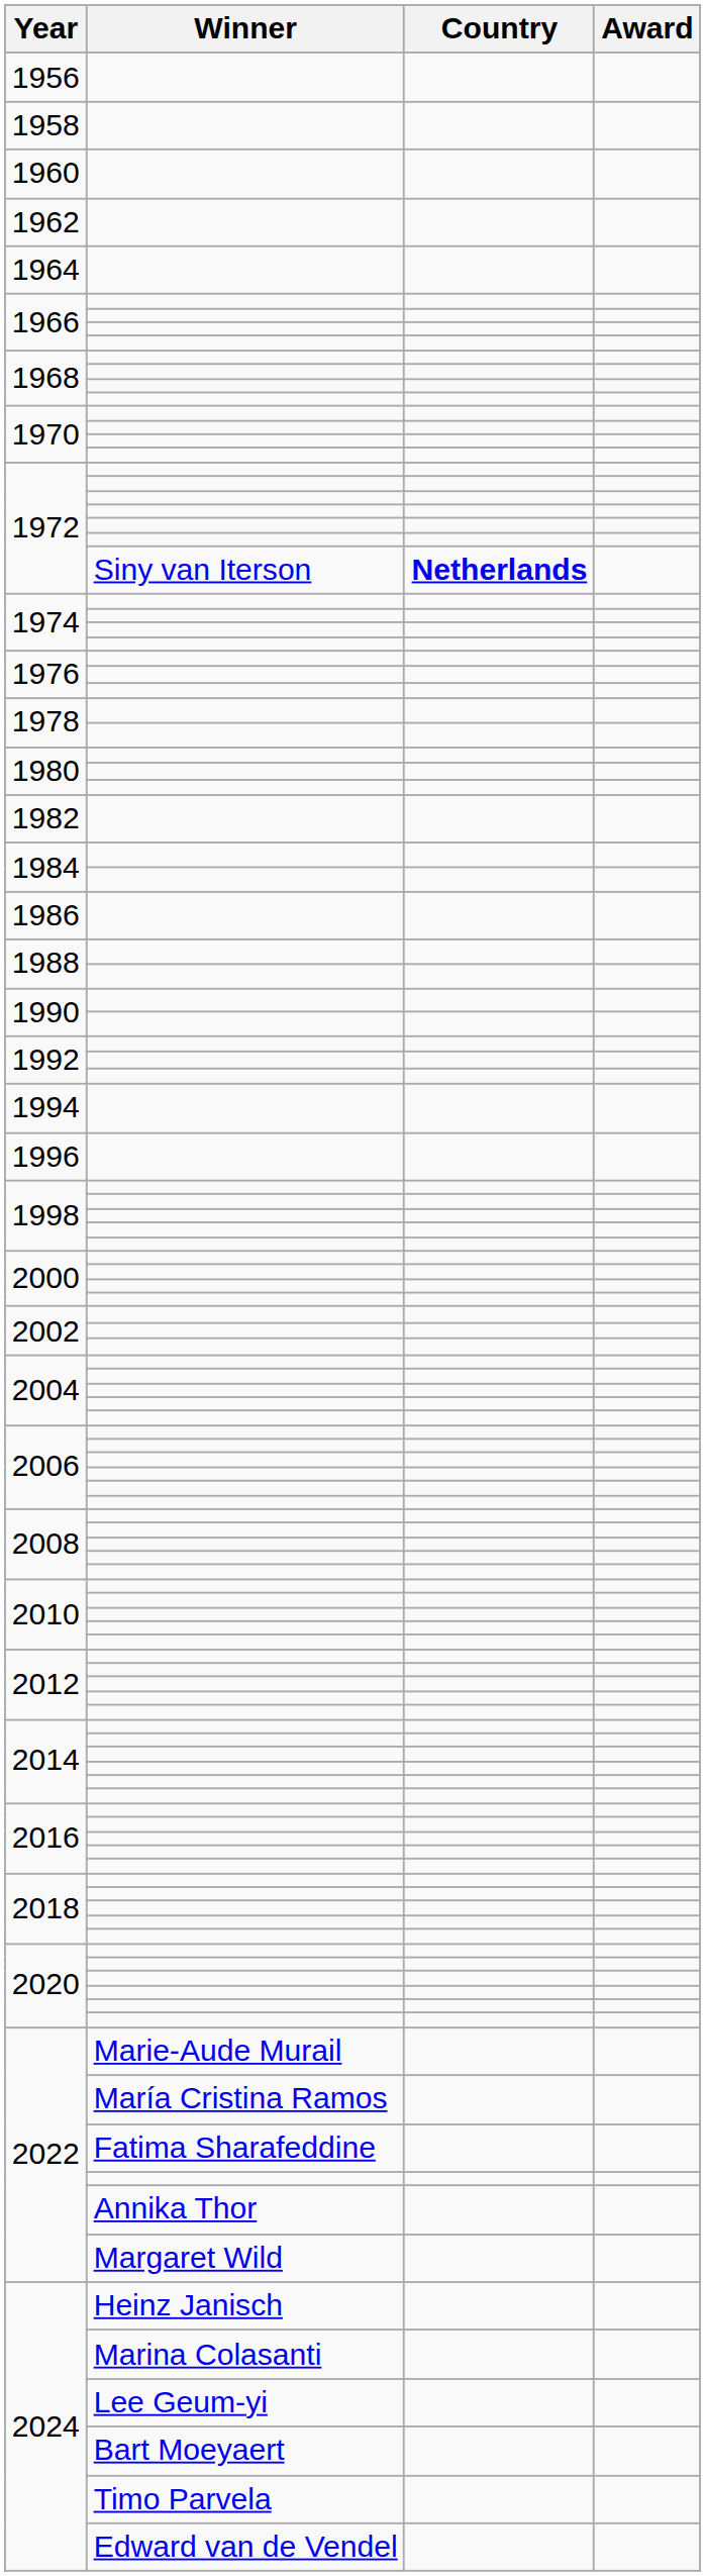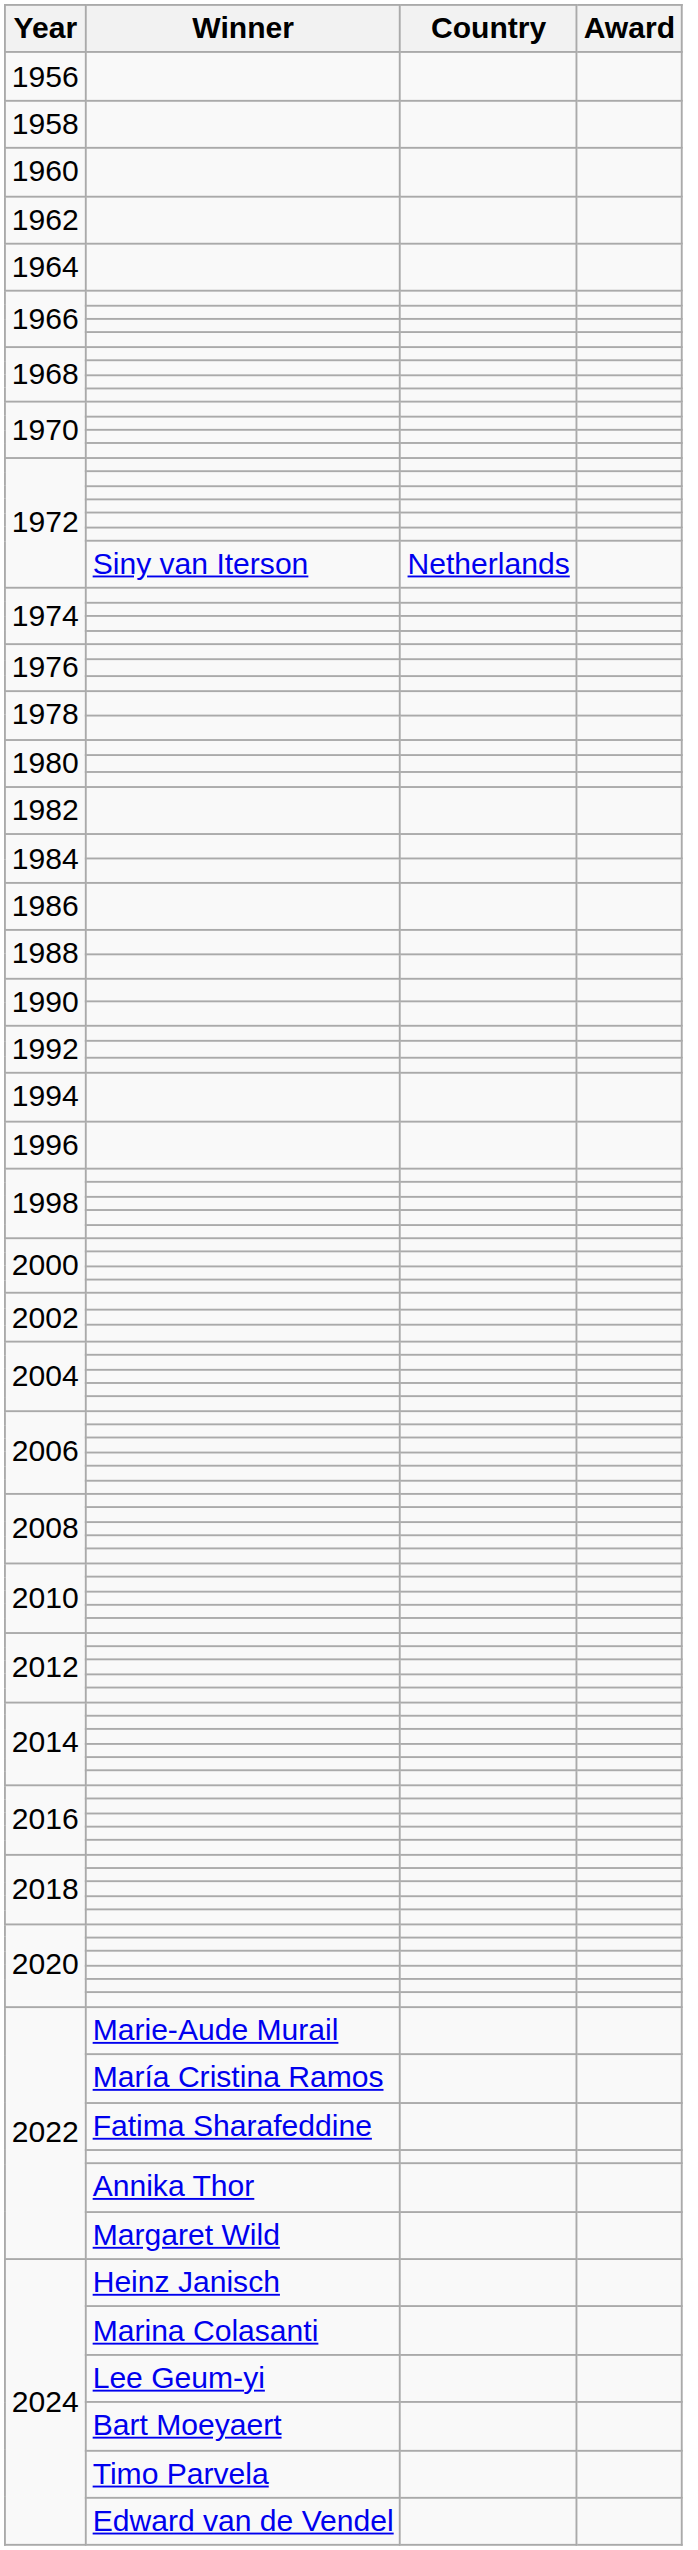 <table class="wikitable sortable">
 <tr>
 <th scope="col">Year</th>
 <th scope="col">Winner</th>
 <th scope="col">Country</th>
 <th scope="col">Award</th>
 </tr>
 <tr>
 <td scope="row">1956</td>
 <td></td>
 <td></td>
 <td></td>
 </tr>
 <tr>
 <td scope="row">1958</td>
 <td></td>
 <td></td>
 <td></td>
 </tr>
 <tr>
 <td scope="row">1960</td>
 <td></td>
 <td></td>
 <td></td>
 </tr>
 <tr>
 <td scope="row">1962</td>
 <td></td>
 <td></td>
 <td></td>
 </tr>
 <tr>
 <td scope="row">1964</td>
 <td></td>
 <td></td>
 <td></td>
 </tr>
 <tr>
 <td rowspan="4" scope="row">1966</td>
 <td></td>
 <td></td>
 <td></td>
 </tr>
 <tr>
 <td></td>
 <td></td>
 <td></td>
 </tr>
 <tr>
 <td></td>
 <td></td>
 <td></td>
 </tr>
 <tr>
 <td></td>
 <td></td>
 <td></td>
 </tr>
 <tr>
 <td rowspan="4" scope="row">1968</td>
 <td></td>
 <td></td>
 <td></td>
 </tr>
 <tr>
 <td></td>
 <td></td>
 <td></td>
 </tr>
 <tr>
 <td></td>
 <td></td>
 <td></td>
 </tr>
 <tr>
 <td></td>
 <td></td>
 <td></td>
 </tr>
 <tr>
 <td rowspan="4" scope="row">1970</td>
 <td></td>
 <td></td>
 <td></td>
 </tr>
 <tr>
 <td></td>
 <td></td>
 <td></td>
 </tr>
 <tr>
 <td></td>
 <td></td>
 <td></td>
 </tr>
 <tr>
 <td></td>
 <td></td>
 <td></td>
 </tr>
 <tr>
 <td rowspan="7" scope="row">1972</td>
 <td></td>
 <td></td>
 <td></td>
 </tr>
 <tr>
 <td></td>
 <td></td>
 <td></td>
 </tr>
 <tr>
 <td></td>
 <td></td>
 <td></td>
 </tr>
 <tr>
 <td></td>
 <td></td>
 <td></td>
 </tr>
 <tr>
 <td></td>
 <td></td>
 <td></td>
 </tr>
 <tr>
 <td></td>
 <td></td>
 <td></td>
 </tr>
 <tr>
 <td><a href='#'>Siny van Iterson</a></td>
-<td><strong> <a href='#'>Netherlands</a></strong></td>
+<td> <a href='#'>Netherlands</a></td>
 <td></td>
 </tr>
 <tr>
 <td rowspan="4" scope="row">1974</td>
 <td></td>
 <td></td>
 <td></td>
 </tr>
 <tr>
 <td></td>
 <td></td>
 <td></td>
 </tr>
 <tr>
 <td></td>
 <td></td>
 <td></td>
 </tr>
 <tr>
 <td></td>
 <td></td>
 <td></td>
 </tr>
 <tr>
 <td rowspan="3" scope="row">1976</td>
 <td></td>
 <td></td>
 <td></td>
 </tr>
 <tr>
 <td></td>
 <td></td>
 <td></td>
 </tr>
 <tr>
 <td></td>
 <td></td>
 <td></td>
 </tr>
 <tr>
 <td rowspan="2" scope="row">1978</td>
 <td></td>
 <td></td>
 <td></td>
 </tr>
 <tr>
 <td></td>
 <td></td>
 <td></td>
 </tr>
 <tr>
 <td rowspan="3" scope="row">1980</td>
 <td></td>
 <td></td>
 <td></td>
 </tr>
 <tr>
 <td></td>
 <td></td>
 <td></td>
 </tr>
 <tr>
 <td></td>
 <td></td>
 <td></td>
 </tr>
 <tr>
 <td scope="row">1982</td>
 <td></td>
 <td></td>
 <td></td>
 </tr>
 <tr>
 <td rowspan="2" scope="row">1984</td>
 <td></td>
 <td></td>
 <td></td>
 </tr>
 <tr>
 <td></td>
 <td></td>
 <td></td>
 </tr>
 <tr>
 <td scope="row">1986</td>
 <td></td>
 <td></td>
 <td></td>
 </tr>
 <tr>
 <td rowspan="2" scope="row">1988</td>
 <td></td>
 <td></td>
 <td></td>
 </tr>
 <tr>
 <td></td>
 <td></td>
 <td></td>
 </tr>
 <tr>
 <td rowspan="2" scope="row">1990</td>
 <td></td>
 <td></td>
 <td></td>
 </tr>
 <tr>
 <td></td>
 <td></td>
 <td></td>
 </tr>
 <tr>
 <td rowspan="3" scope="row">1992</td>
 <td></td>
 <td></td>
 <td></td>
 </tr>
 <tr>
 <td></td>
 <td></td>
 <td></td>
 </tr>
 <tr>
 <td></td>
 <td></td>
 <td></td>
 </tr>
 <tr>
 <td scope="row">1994</td>
 <td></td>
 <td></td>
 <td></td>
 </tr>
 <tr>
 <td scope="row">1996</td>
 <td></td>
 <td></td>
 <td></td>
 </tr>
 <tr>
 <td rowspan="5" scope="row">1998</td>
 <td></td>
 <td></td>
 <td></td>
 </tr>
 <tr>
 <td></td>
 <td></td>
 <td></td>
 </tr>
 <tr>
 <td></td>
 <td></td>
 <td></td>
 </tr>
 <tr>
 <td></td>
 <td></td>
 <td></td>
 </tr>
 <tr>
 <td></td>
 <td></td>
 <td></td>
 </tr>
 <tr>
 <td rowspan="4" scope="row">2000</td>
 <td></td>
 <td></td>
 <td></td>
 </tr>
 <tr>
 <td></td>
 <td></td>
 <td></td>
 </tr>
 <tr>
 <td></td>
 <td></td>
 <td></td>
 </tr>
 <tr>
 <td></td>
 <td></td>
 <td></td>
 </tr>
 <tr>
 <td rowspan="3" scope="row">2002</td>
 <td></td>
 <td></td>
 <td></td>
 </tr>
 <tr>
 <td></td>
 <td></td>
 <td></td>
 </tr>
 <tr>
 <td></td>
 <td></td>
 <td></td>
 </tr>
 <tr>
 <td rowspan="5" scope="row">2004</td>
 <td></td>
 <td></td>
 <td></td>
 </tr>
 <tr>
 <td></td>
 <td></td>
 <td></td>
 </tr>
 <tr>
 <td></td>
 <td></td>
 <td></td>
 </tr>
 <tr>
 <td></td>
 <td></td>
 <td></td>
 </tr>
 <tr>
 <td></td>
 <td></td>
 <td></td>
 </tr>
 <tr>
 <td rowspan="6" scope="row">2006</td>
 <td></td>
 <td></td>
 <td></td>
 </tr>
 <tr>
 <td></td>
 <td></td>
 <td></td>
 </tr>
 <tr>
 <td></td>
 <td></td>
 <td></td>
 </tr>
 <tr>
 <td></td>
 <td></td>
 <td></td>
 </tr>
 <tr>
 <td></td>
 <td></td>
 <td></td>
 </tr>
 <tr>
 <td></td>
 <td></td>
 <td></td>
 </tr>
 <tr>
 <td rowspan="5" scope="row">2008</td>
 <td></td>
 <td></td>
 <td></td>
 </tr>
 <tr>
 <td></td>
 <td></td>
 <td></td>
 </tr>
 <tr>
 <td></td>
 <td></td>
 <td></td>
 </tr>
 <tr>
 <td></td>
 <td></td>
 <td></td>
 </tr>
 <tr>
 <td></td>
 <td></td>
 <td></td>
 </tr>
 <tr>
 <td rowspan="5" scope="row">2010</td>
 <td></td>
 <td></td>
 <td></td>
 </tr>
 <tr>
 <td></td>
 <td></td>
 <td></td>
 </tr>
 <tr>
 <td></td>
 <td></td>
 <td></td>
 </tr>
 <tr>
 <td></td>
 <td></td>
 <td></td>
 </tr>
 <tr>
 <td></td>
 <td></td>
 <td></td>
 </tr>
 <tr>
 <td rowspan="5" scope="row">2012</td>
 <td></td>
 <td></td>
 <td></td>
 </tr>
 <tr>
 <td></td>
 <td></td>
 <td></td>
 </tr>
 <tr>
 <td></td>
 <td></td>
 <td></td>
 </tr>
 <tr>
 <td></td>
 <td></td>
 <td></td>
 </tr>
 <tr>
 <td></td>
 <td></td>
 <td></td>
 </tr>
 <tr>
 <td rowspan="6" scope="row">2014</td>
 <td></td>
 <td></td>
 <td></td>
 </tr>
 <tr>
 <td></td>
 <td></td>
 <td></td>
 </tr>
 <tr>
 <td></td>
 <td></td>
 <td></td>
 </tr>
 <tr>
 <td></td>
 <td></td>
 <td></td>
 </tr>
 <tr>
 <td></td>
 <td></td>
 <td></td>
 </tr>
 <tr>
 <td></td>
 <td></td>
 <td></td>
 </tr>
 <tr>
 <td rowspan="5" scope="row">2016</td>
 <td></td>
 <td></td>
 <td></td>
 </tr>
 <tr>
 <td></td>
 <td></td>
 <td></td>
 </tr>
 <tr>
 <td></td>
 <td></td>
 <td></td>
 </tr>
 <tr>
 <td></td>
 <td></td>
 <td></td>
 </tr>
 <tr>
 <td></td>
 <td></td>
 <td></td>
 </tr>
 <tr>
 <td rowspan="5" scope="row">2018</td>
 <td></td>
 <td></td>
 <td></td>
 </tr>
 <tr>
 <td></td>
 <td></td>
 <td></td>
 </tr>
 <tr>
 <td></td>
 <td></td>
 <td></td>
 </tr>
 <tr>
 <td></td>
 <td></td>
 <td></td>
 </tr>
 <tr>
 <td></td>
 <td></td>
 <td></td>
 </tr>
 <tr>
 <td rowspan="6" scope="row">2020</td>
 <td></td>
 <td></td>
 <td></td>
 </tr>
 <tr>
 <td></td>
 <td></td>
 <td></td>
 </tr>
 <tr>
 <td></td>
 <td></td>
 <td></td>
 </tr>
 <tr>
 <td></td>
 <td></td>
 <td></td>
 </tr>
 <tr>
 <td></td>
 <td></td>
 <td></td>
 </tr>
 <tr>
 <td></td>
 <td></td>
 <td></td>
 </tr>
 <tr>
 <td rowspan="6">2022</td>
 <td><a href='#'>Marie-Aude Murail</a></td>
 <td></td>
 <td></td>
 </tr>
 <tr>
 <td><a href='#'>María Cristina Ramos</a></td>
 <td></td>
 <td></td>
 </tr>
 <tr>
 <td><a href='#'>Fatima Sharafeddine</a></td>
 <td></td>
 <td></td>
 </tr>
 <tr>
 <td></td>
 <td></td>
 <td></td>
 </tr>
 <tr>
 <td><a href='#'>Annika Thor</a></td>
 <td></td>
 <td></td>
 </tr>
 <tr>
 <td><a href='#'>Margaret Wild</a></td>
 <td></td>
 <td></td>
 </tr>
 <tr>
 <td rowspan="6">2024</td>
 <td><a href='#'>Heinz Janisch</a></td>
 <td></td>
 <td></td>
 </tr>
 <tr>
 <td><a href='#'>Marina Colasanti</a></td>
 <td></td>
 <td></td>
 </tr>
 <tr>
 <td><a href='#'>Lee Geum-yi</a></td>
 <td></td>
 <td></td>
 </tr>
 <tr>
 <td><a href='#'>Bart Moeyaert</a></td>
 <td></td>
 <td></td>
 </tr>
 <tr>
 <td><a href='#'>Timo Parvela</a></td>
 <td></td>
 <td></td>
 </tr>
 <tr>
 <td><a href='#'>Edward van de Vendel</a></td>
 <td></td>
 <td></td>
 </tr>
 </table>
